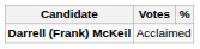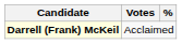 <table class="wikitable">
 <tr>
 <th>Candidate</th>
 <th>Votes</th>
 <th>%</th>
 </tr>
 <tr>
-<td><strong>Darrell (Frank) McKeil</strong></td>
+<td style="background: lightyellow;"><strong>Darrell (Frank) McKeil</strong></td>
 <td colspan="2">Acclaimed</td>
 </tr>
 </table>
